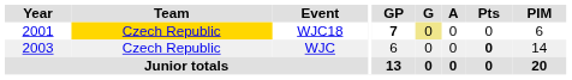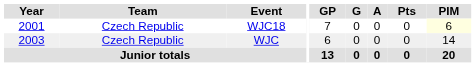 <table border="0" cellpadding="1" cellspacing="0" ID="Table3" style="text-align:center; width:40em">
 <tr ALIGN="center" bgcolor="#e0e0e0">
 <th>Year</th>
 <th>Team</th>
 <th>Event</th>
 <th rowspan="99" bgcolor="#ffffff"></th>
 <th>GP</th>
 <th>G</th>
 <th>A</th>
 <th>Pts</th>
 <th>PIM</th>
 </tr>
 <tr>
 <td><a href='#'>2001</a></td>
-<td style="background: gold;"><a href='#'>Czech Republic</a></td>
+<td><a href='#'>Czech Republic</a></td>
 <td><a href='#'>WJC18</a></td>
-<td><strong>7</strong></td>
-<td style="background: khaki;">0</td>
+<td>7</td>
 <td>0</td>
 <td>0</td>
-<td>6</td>
+<td>0</td>
+<td style="background: lightyellow;">6</td>
 </tr>
 <tr bgcolor="#f0f0f0">
 <td><a href='#'>2003</a></td>
 <td><a href='#'>Czech Republic</a></td>
 <td><a href='#'>WJC</a></td>
 <td>6</td>
 <td>0</td>
 <td>0</td>
-<td><strong>0</strong></td>
+<td>0</td>
 <td>14</td>
 </tr>
 <tr bgcolor="#e0e0e0">
 <th colspan="3">Junior totals</th>
 <th>13</th>
 <th>0</th>
 <th>0</th>
 <th>0</th>
 <th>20</th>
 </tr>
 </table>
